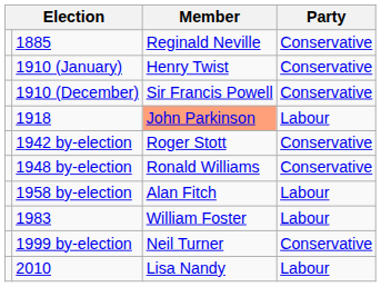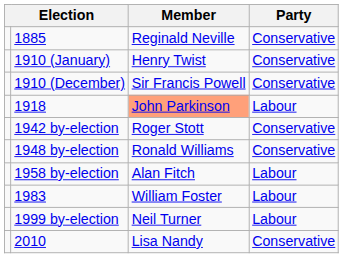 <table class="wikitable">
 <tr>
 <th colspan=2>Election</th>
 <th>Member</th>
 <th>Party</th>
 </tr>
 <tr>
 <td style="color:inherit;background-color: "></td>
 <td><a href='#'>1885</a></td>
 <td><a href='#'>Reginald Neville</a></td>
 <td><a href='#'>Conservative</a></td>
 </tr>
 <tr>
 <td style="color:inherit;background-color: "></td>
 <td><a href='#'>1910 (January)</a></td>
 <td><a href='#'>Henry Twist</a></td>
 <td><a href='#'>Conservative</a></td>
 </tr>
 <tr>
 <td style="color:inherit;background-color: "></td>
 <td><a href='#'>1910 (December)</a></td>
 <td><a href='#'>Sir Francis Powell</a></td>
 <td><a href='#'>Conservative</a></td>
 </tr>
 <tr>
 <td style="color:inherit;background-color: "></td>
 <td><a href='#'>1918</a></td>
 <td style="background: lightsalmon;"><a href='#'>John Parkinson</a></td>
 <td><a href='#'>Labour</a></td>
 </tr>
 <tr>
 <td style="color:inherit;background-color: "></td>
 <td><a href='#'>1942 by-election</a></td>
 <td><a href='#'>Roger Stott</a></td>
 <td><a href='#'>Conservative</a></td>
 </tr>
 <tr>
 <td style="color:inherit;background-color: "></td>
 <td><a href='#'>1948 by-election</a></td>
 <td><a href='#'>Ronald Williams</a></td>
 <td><a href='#'>Conservative</a></td>
 </tr>
 <tr>
 <td style="color:inherit;background-color: "></td>
 <td><a href='#'>1958 by-election</a></td>
 <td><a href='#'>Alan Fitch</a></td>
 <td><a href='#'>Labour</a></td>
 </tr>
 <tr>
 <td style="color:inherit;background-color: "></td>
 <td><a href='#'>1983</a></td>
 <td><a href='#'>William Foster</a></td>
 <td><a href='#'>Labour</a></td>
 </tr>
 <tr>
 <td style="color:inherit;background-color: "></td>
 <td><a href='#'>1999 by-election</a></td>
 <td><a href='#'>Neil Turner</a></td>
-<td><a href='#'>Conservative</a></td>
+<td><a href='#'>Labour</a></td>
 </tr>
 <tr>
 <td style="color:inherit;background-color: "></td>
 <td><a href='#'>2010</a></td>
 <td><a href='#'>Lisa Nandy</a></td>
-<td><a href='#'>Labour</a></td>
+<td><a href='#'>Conservative</a></td>
 </tr>
 </table>
